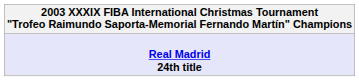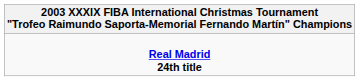 <table class=wikitable style="text-align:center; margin:auto">
 <tr>
 <th>2003 XXXIX FIBA International Christmas Tournament<br>"Trofeo Raimundo Saporta-Memorial Fernando Martín" Champions</th>
 </tr>
 <tr>
-<td style="background: lavender;"><br> <strong><a href='#'>Real Madrid</a></strong> <br> <strong>24th title</strong></td>
+<td><br> <strong><a href='#'>Real Madrid</a></strong> <br> <strong>24th title</strong></td>
 </tr>
 </table>
